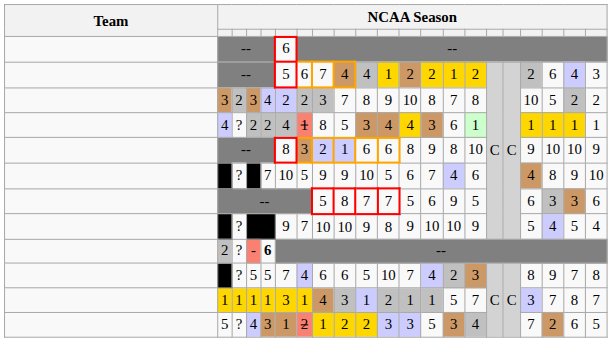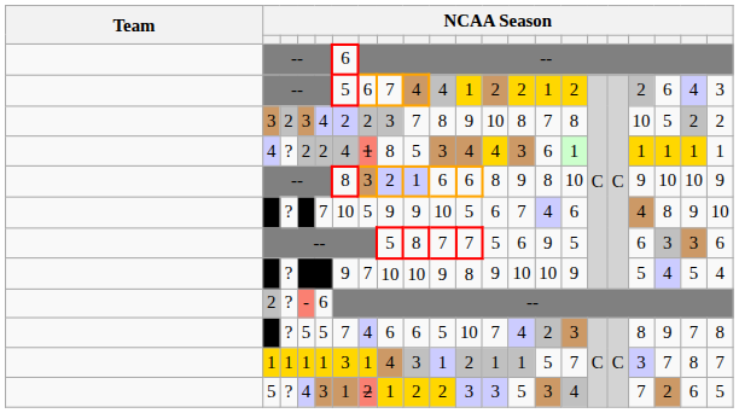 <table class=wikitable style="text-align:center; font-size:90%;">
 <tr>
 <th width=200px rowspan=2>Team</th>
 <th colspan=20>NCAA Season</th>
 </tr>
 <tr>
 <th></th>
 <th></th>
 <th></th>
 <th></th>
 <th></th>
 <th></th>
 <th></th>
 <th></th>
 <th></th>
 <th></th>
 <th></th>
 <th></th>
 <th></th>
 <th></th>
 <th></th>
 <th></th>
 <th></th>
 <th></th>
 <th></th>
 <th></th>
 </tr>
 <tr>
 <td align=left><em></em></td>
 <td bgcolor=gray colspan=4>--</td>
 <td style="border: 2px solid red;">6</td>
 <td bgcolor=gray colspan=15>--</td>
 </tr>
 <tr>
 <td align=left></td>
 <td bgcolor=gray colspan=4>--</td>
 <td style="border: 2px solid red;">5</td>
 <td style="border: 2px solid orange;">6</td>
 <td style="border: 2px solid orange;">7</td>
 <td style="border: 2px solid orange;" bgcolor=#c96>4</td>
 <td bgcolor=silver>4</td>
 <td bgcolor=gold>1</td>
 <td bgcolor=#c96>2</td>
 <td bgcolor=gold>2</td>
 <td bgcolor=gold>1</td>
 <td bgcolor=gold>2</td>
 <td bgcolor=D3D3D3 rowspan=7>C</td>
 <td bgcolor=D3D3D3 rowspan=7>C</td>
 <td bgcolor=silver>2</td>
 <td>6</td>
 <td bgcolor=#CCCCFF>4</td>
 <td>3</td>
 </tr>
 <tr>
 <td align=left></td>
 <td bgcolor=#c96>3</td>
 <td bgcolor=silver>2</td>
 <td bgcolor=#c96>3</td>
 <td bgcolor=#CCCCFF>4</td>
 <td bgcolor=#CCCCFF>2</td>
 <td bgcolor=silver>2</td>
 <td bgcolor=silver>3</td>
 <td>7</td>
 <td>8</td>
 <td>9</td>
 <td>10</td>
 <td>8</td>
 <td>7</td>
 <td>8</td>
 <td>10</td>
 <td>5</td>
 <td bgcolor=silver>2</td>
 <td>2</td>
 </tr>
 <tr>
 <td align=left></td>
 <td bgcolor=#CCCCFF>4</td>
 <td>?</td>
 <td bgcolor=silver>2</td>
 <td bgcolor=silver>2</td>
 <td bgcolor=silver>4</td>
 <td bgcolor=salmon><s>1</s></td>
 <td>8</td>
 <td>5</td>
 <td bgcolor=#c96>3</td>
 <td bgcolor=#c96>4</td>
 <td bgcolor=gold>4</td>
 <td bgcolor=#c96>3</td>
 <td>6</td>
 <td bgcolor=#CCFFCC>1</td>
 <td bgcolor=gold>1</td>
 <td bgcolor=gold>1</td>
 <td bgcolor=gold>1</td>
 <td>1</td>
 </tr>
 <tr>
 <td align=left></td>
 <td bgcolor=gray colspan=4>--</td>
 <td style="border: 2px solid red;">8</td>
 <td style="border: 2px solid orange;" bgcolor=#c96>3</td>
 <td style="border: 2px solid orange;" bgcolor=#CCCCFF>2</td>
 <td style="border: 2px solid orange;" bgcolor=#CCCCFF>1</td>
 <td style="border: 2px solid orange;">6</td>
 <td style="border: 2px solid orange;">6</td>
 <td>8</td>
 <td>9</td>
 <td>8</td>
 <td>10</td>
 <td>9</td>
 <td>10</td>
 <td>10</td>
 <td>9</td>
 </tr>
 <tr>
 <td align=left></td>
 <td bgcolor=black align=center style="border: 1px solid gray;"></td>
 <td>?</td>
 <td bgcolor=black align=center style="border: 1px solid gray;"></td>
 <td>7</td>
 <td>10</td>
 <td>5</td>
 <td>9</td>
 <td>9</td>
 <td>10</td>
 <td>5</td>
 <td>6</td>
 <td>7</td>
 <td bgcolor=#CCCCFF>4</td>
 <td>6</td>
 <td bgcolor=#c96>4</td>
 <td>8</td>
 <td>9</td>
 <td>10</td>
 </tr>
 <tr>
 <td align=left></td>
 <td bgcolor=gray colspan=6>--</td>
 <td style="border: 2px solid red;">5</td>
 <td style="border: 2px solid red;">8</td>
 <td style="border: 2px solid red;">7</td>
 <td style="border: 2px solid red;">7</td>
 <td>5</td>
 <td>6</td>
 <td>9</td>
 <td>5</td>
 <td>6</td>
 <td bgcolor=silver>3</td>
 <td bgcolor=#c96>3</td>
 <td>6</td>
 </tr>
 <tr>
 <td align=left></td>
 <td bgcolor=black align=center style="border: 1px solid gray;"></td>
 <td>?</td>
 <td bgcolor=black align=center style="border: 1px solid gray;" colspan=2></td>
 <td>9</td>
 <td>7</td>
 <td>10</td>
 <td>10</td>
 <td>9</td>
 <td>8</td>
 <td>9</td>
 <td>10</td>
 <td>10</td>
 <td>9</td>
 <td>5</td>
 <td bgcolor=#CCCCFF>4</td>
 <td>5</td>
 <td>4</td>
 </tr>
 <tr>
 <td align=left><em></em></td>
 <td bgcolor=silver>2</td>
 <td>?</td>
 <td bgcolor=salmon>-</td>
-<td><strong>6</strong></td>
+<td>6</td>
 <td bgcolor=gray colspan=16>--</td>
 </tr>
 <tr>
 <td align=left></td>
 <td bgcolor=black align=center style="border: 1px solid gray;"></td>
 <td>?</td>
 <td>5</td>
 <td>5</td>
 <td>7</td>
 <td bgcolor=#CCCCFF>4</td>
 <td>6</td>
 <td>6</td>
 <td>5</td>
 <td>10</td>
 <td>7</td>
 <td bgcolor=#CCCCFF>4</td>
 <td bgcolor=silver>2</td>
 <td bgcolor=#c96>3</td>
 <td bgcolor=D3D3D3 rowspan=3>C</td>
 <td bgcolor=D3D3D3 rowspan=3>C</td>
 <td>8</td>
 <td>9</td>
 <td>7</td>
 <td>8</td>
 </tr>
 <tr>
 <td align=left></td>
 <td bgcolor=gold>1</td>
 <td bgcolor=gold>1</td>
 <td bgcolor=gold>1</td>
 <td bgcolor=gold>1</td>
 <td bgcolor=gold>3</td>
 <td bgcolor=gold>1</td>
 <td bgcolor=#c96>4</td>
 <td bgcolor=silver>3</td>
 <td bgcolor=#CCCCFF>1</td>
 <td bgcolor=silver>2</td>
 <td bgcolor=silver>1</td>
 <td bgcolor=silver>1</td>
 <td>5</td>
 <td>7</td>
 <td bgcolor=#CCCCFF>3</td>
 <td>7</td>
 <td>8</td>
 <td>7</td>
 </tr>
 <tr>
 <td align=left></td>
 <td>5</td>
 <td>?</td>
 <td bgcolor=#CCCCFF>4</td>
 <td bgcolor=#c96>3</td>
 <td bgcolor=#c96>1</td>
 <td bgcolor=salmon><s>2</s></td>
 <td bgcolor=gold>1</td>
 <td bgcolor=gold>2</td>
 <td bgcolor=gold>2</td>
 <td bgcolor=#CCCCFF>3</td>
 <td bgcolor=#CCCCFF>3</td>
 <td>5</td>
 <td bgcolor=#c96>3</td>
 <td bgcolor=silver>4</td>
 <td>7</td>
 <td bgcolor=#c96>2</td>
 <td>6</td>
 <td>5</td>
 </tr>
 </table>
